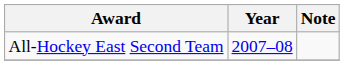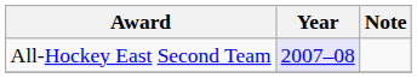 <table class="wikitable">
 <tr>
 <th>Award</th>
 <th>Year</th>
 <th>Note</th>
 </tr>
 <tr>
 <td>All-<a href='#'>Hockey East</a> <a href='#'>Second Team</a></td>
-<td><a href='#'>2007–08</a></td>
+<td style="background: lavender;"><a href='#'>2007–08</a></td>
 <td></td>
 </tr>
 <tr>
 </tr>
 </table>
